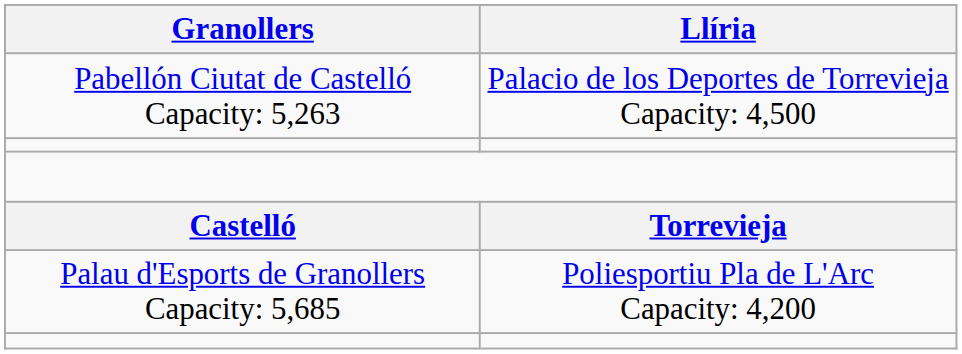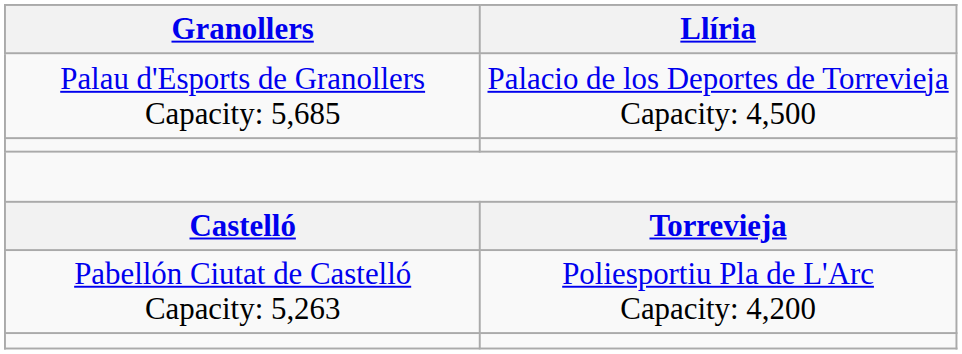 <table class="wikitable" style="text-align:center;">
 <tr>
 <th style="width:50%;"><a href='#'>Granollers</a></th>
 <th style="width:50%;"><a href='#'>Llíria</a></th>
 </tr>
 <tr>
-<td><a href='#'>Pabellón Ciutat de Castelló</a><br>Capacity: 5,263</td>
+<td><a href='#'>Palau d'Esports de Granollers</a><br>Capacity: 5,685</td>
 <td><a href='#'>Palacio de los Deportes de Torrevieja</a><br>Capacity: 4,500</td>
 </tr>
 <tr>
 <td></td>
 <td></td>
 </tr>
 <tr>
 <td colspan="2"><br></td>
 </tr>
 <tr>
 <th><a href='#'>Castelló</a></th>
 <th><a href='#'>Torrevieja</a></th>
 </tr>
 <tr>
-<td><a href='#'>Palau d'Esports de Granollers</a><br>Capacity: 5,685</td>
+<td><a href='#'>Pabellón Ciutat de Castelló</a><br>Capacity: 5,263</td>
 <td><a href='#'>Poliesportiu Pla de L'Arc</a><br>Capacity: 4,200</td>
 </tr>
 <tr>
 <td></td>
 <td></td>
 </tr>
 </table>
